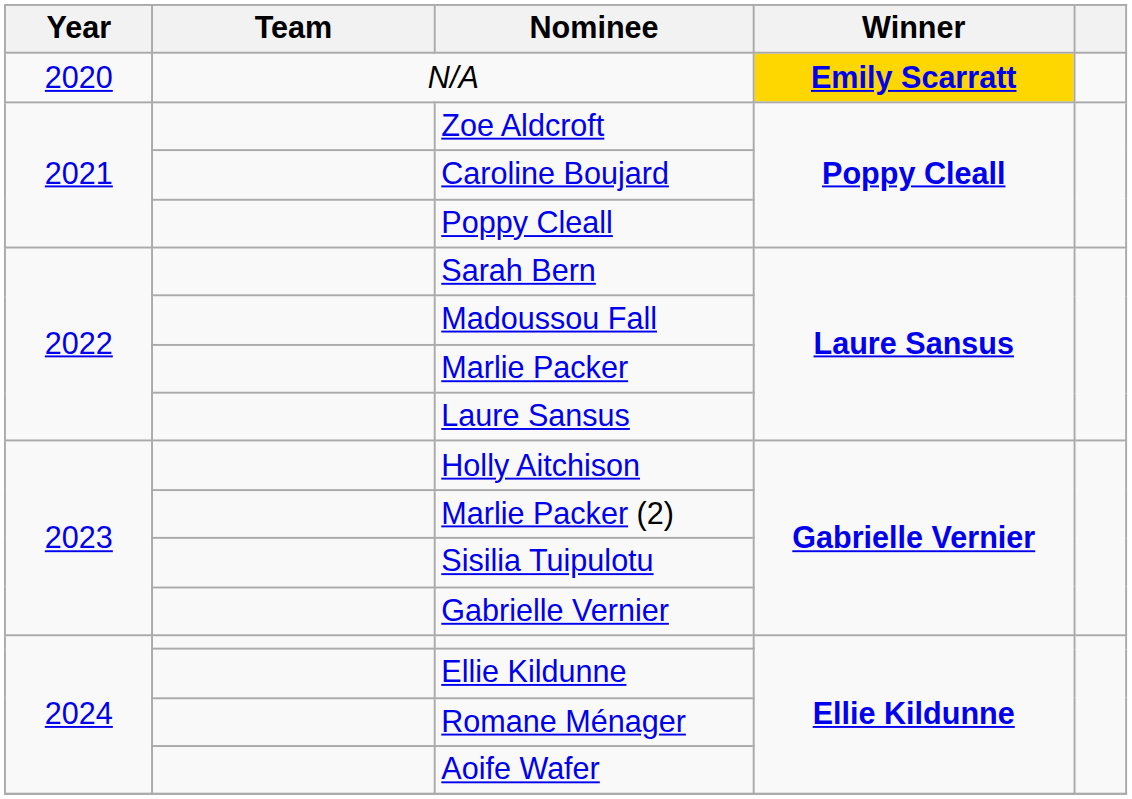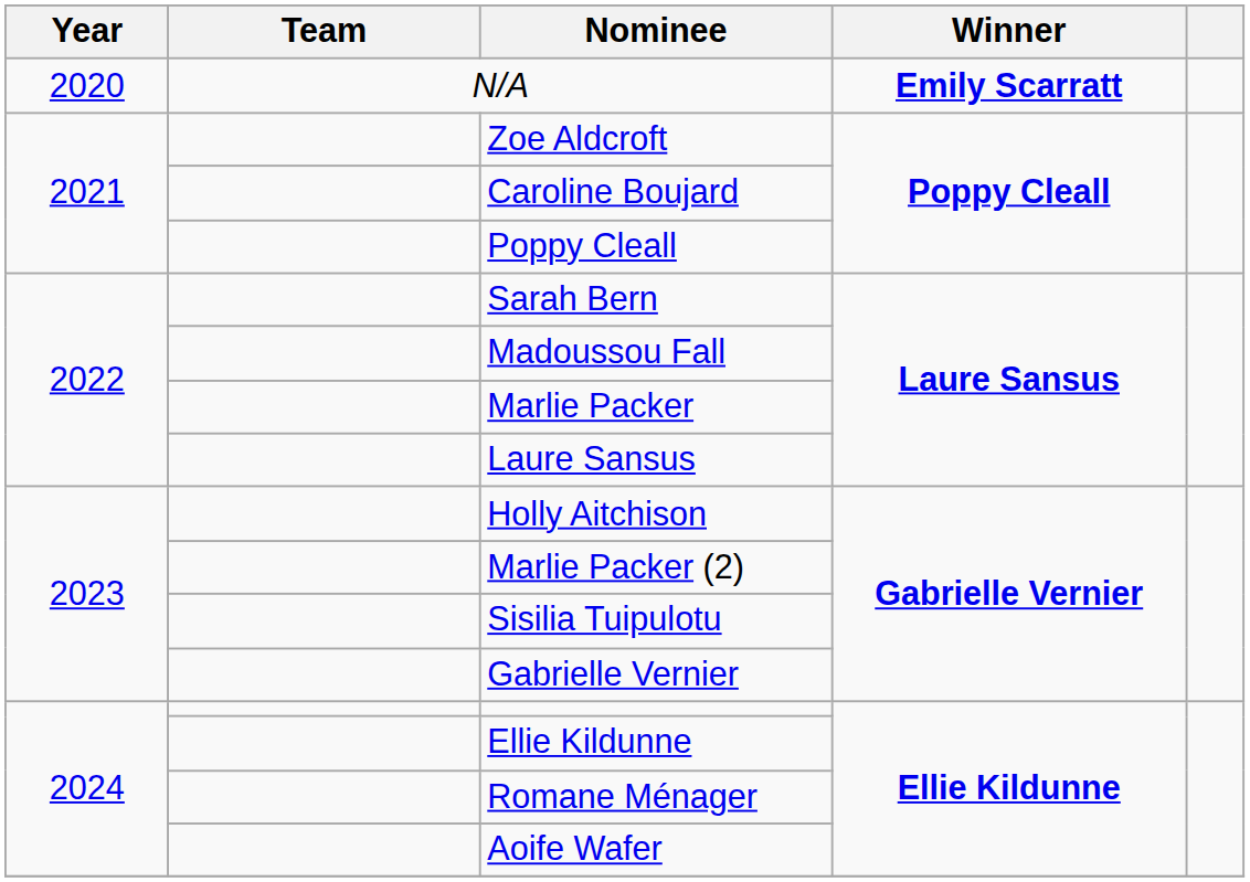 <table class="wikitable">
 <tr>
 <th width=70>Year</th>
 <th width=140>Team</th>
 <th width=160>Nominee</th>
 <th width=160>Winner</th>
 <th width=20></th>
 </tr>
 <tr>
 <td align=center><a href='#'>2020</a></td>
 <td align=center colspan=2><em>N/A</em></td>
-<td align=center style="background: gold;"> <strong><a href='#'>Emily Scarratt</a></strong></td>
+<td align=center> <strong><a href='#'>Emily Scarratt</a></strong></td>
 <td align=center></td>
 </tr>
 <tr>
 <td align=center rowspan=3><a href='#'>2021</a></td>
 <td></td>
 <td><a href='#'>Zoe Aldcroft</a></td>
 <td align=center rowspan=3> <strong><a href='#'>Poppy Cleall</a></strong></td>
 <td align=center rowspan=3></td>
 </tr>
 <tr>
 <td></td>
 <td><a href='#'>Caroline Boujard</a></td>
 </tr>
 <tr>
 <td></td>
 <td><a href='#'>Poppy Cleall</a></td>
 </tr>
 <tr>
 <td align=center rowspan=4><a href='#'>2022</a></td>
 <td></td>
 <td><a href='#'>Sarah Bern</a></td>
 <td align=center rowspan=4> <strong><a href='#'>Laure Sansus</a></strong></td>
 <td align=center rowspan=4></td>
 </tr>
 <tr>
 <td></td>
 <td><a href='#'>Madoussou Fall</a></td>
 </tr>
 <tr>
 <td></td>
 <td><a href='#'>Marlie Packer</a></td>
 </tr>
 <tr>
 <td></td>
 <td><a href='#'>Laure Sansus</a></td>
 </tr>
 <tr>
 <td align=center rowspan=4><a href='#'>2023</a></td>
 <td></td>
 <td><a href='#'>Holly Aitchison</a></td>
 <td align=center rowspan=4> <strong><a href='#'>Gabrielle Vernier</a></strong></td>
 <td align=center rowspan=4></td>
 </tr>
 <tr>
 <td></td>
 <td><a href='#'>Marlie Packer</a> (2)</td>
 </tr>
 <tr>
 <td></td>
 <td><a href='#'>Sisilia Tuipulotu</a></td>
 </tr>
 <tr>
 <td></td>
 <td><a href='#'>Gabrielle Vernier</a></td>
 </tr>
 <tr>
 <td align=center rowspan=4><a href='#'>2024</a></td>
 <td></td>
 <td></td>
 <td align=center rowspan=4> <strong><a href='#'>Ellie Kildunne</a></strong></td>
 <td align=center rowspan=4></td>
 </tr>
 <tr>
 <td></td>
 <td><a href='#'>Ellie Kildunne</a></td>
 </tr>
 <tr>
 <td></td>
 <td><a href='#'>Romane Ménager</a></td>
 </tr>
 <tr>
 <td></td>
 <td><a href='#'>Aoife Wafer</a></td>
 </tr>
 <tr>
 </tr>
 </table>
